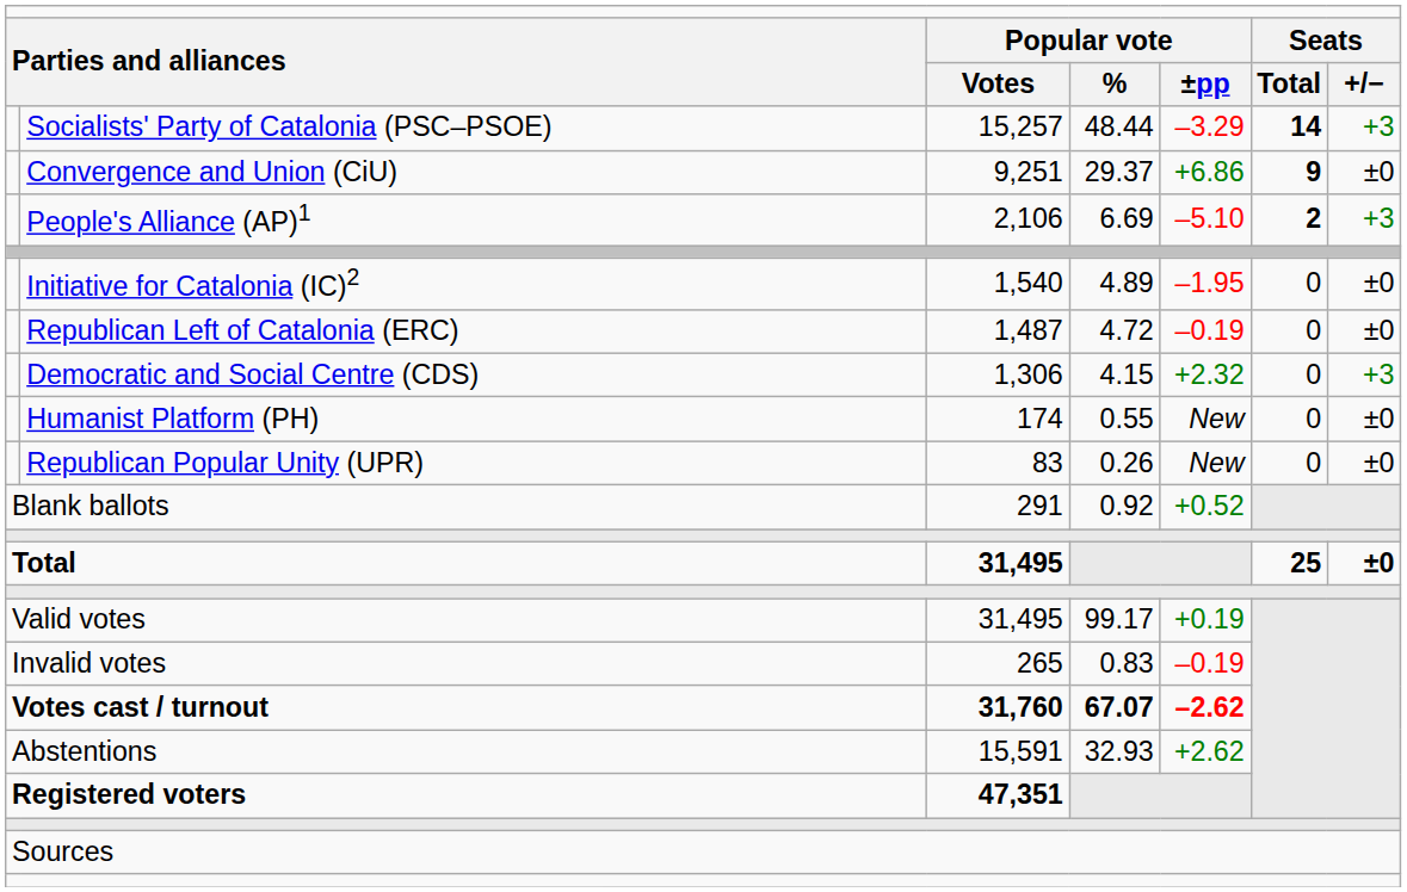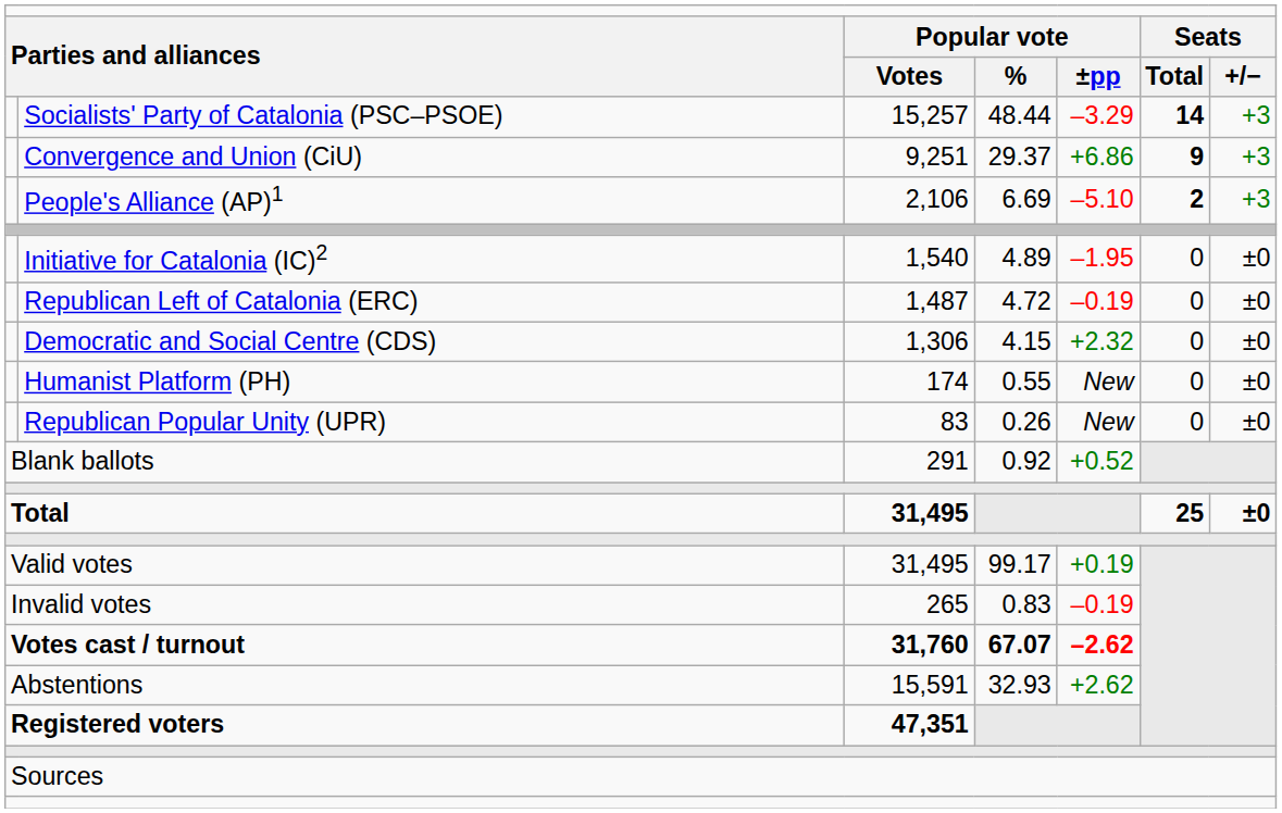 <table class="wikitable" style="text-align:right;">
 <tr>
 <td colspan="7"></td>
 </tr>
 <tr>
 <th style="text-align:left;" rowspan="2" colspan="2" width="525">Parties and alliances</th>
 <th colspan="3">Popular vote</th>
 <th colspan="2">Seats</th>
 </tr>
 <tr>
 <th width="75">Votes</th>
 <th width="45">%</th>
 <th width="45">±<a href='#'>pp</a></th>
 <th width="35">Total</th>
 <th width="35">+/−</th>
 </tr>
 <tr>
 <td width="1" style="color:inherit;background:"></td>
 <td align="left"><a href='#'>Socialists' Party of Catalonia</a> (PSC–PSOE)</td>
 <td>15,257</td>
 <td>48.44</td>
 <td style="color:red;">–3.29</td>
 <td><strong>14</strong></td>
 <td style="color:green;">+3</td>
 </tr>
 <tr>
 <td style="color:inherit;background:"></td>
 <td align="left"><a href='#'>Convergence and Union</a> (CiU)</td>
 <td>9,251</td>
 <td>29.37</td>
 <td style="color:green;">+6.86</td>
 <td><strong>9</strong></td>
-<td>±0</td>
+<td style="color:green;">+3</td>
 </tr>
 <tr>
 <td style="color:inherit;background:"></td>
 <td align="left"><a href='#'>People's Alliance</a> (AP)<sup>1</sup></td>
 <td>2,106</td>
 <td>6.69</td>
 <td style="color:red;">–5.10</td>
 <td><strong>2</strong></td>
 <td style="color:green;">+3</td>
 </tr>
 <tr>
 <td colspan="7" style="color:inherit;background:#C0C0C0"></td>
 </tr>
 <tr>
 <td style="color:inherit;background:"></td>
 <td align="left"><a href='#'>Initiative for Catalonia</a> (IC)<sup>2</sup></td>
 <td>1,540</td>
 <td>4.89</td>
 <td style="color:red;">–1.95</td>
 <td>0</td>
 <td>±0</td>
 </tr>
 <tr>
 <td style="color:inherit;background:"></td>
 <td align="left"><a href='#'>Republican Left of Catalonia</a> (ERC)</td>
 <td>1,487</td>
 <td>4.72</td>
 <td style="color:red;">–0.19</td>
 <td>0</td>
 <td>±0</td>
 </tr>
 <tr>
 <td style="color:inherit;background:"></td>
 <td align="left"><a href='#'>Democratic and Social Centre</a> (CDS)</td>
 <td>1,306</td>
 <td>4.15</td>
 <td style="color:green;">+2.32</td>
 <td>0</td>
-<td style="color:green;">+3</td>
+<td>±0</td>
 </tr>
 <tr>
 <td style="color:inherit;background:"></td>
 <td align="left"><a href='#'>Humanist Platform</a> (PH)</td>
 <td>174</td>
 <td>0.55</td>
 <td><em>New</em></td>
 <td>0</td>
 <td>±0</td>
 </tr>
 <tr>
 <td style="color:inherit;background:"></td>
 <td align="left"><a href='#'>Republican Popular Unity</a> (UPR)</td>
 <td>83</td>
 <td>0.26</td>
 <td><em>New</em></td>
 <td>0</td>
 <td>±0</td>
 </tr>
 <tr>
 <td align="left" colspan="2">Blank ballots</td>
 <td>291</td>
 <td>0.92</td>
 <td style="color:green;">+0.52</td>
 <td style="color:inherit;background:#E9E9E9" colspan="2"></td>
 </tr>
 <tr>
 <td colspan="7" style="color:inherit;background:#E9E9E9"></td>
 </tr>
 <tr style="font-weight:bold;">
 <td align="left" colspan="2">Total</td>
 <td>31,495</td>
 <td bgcolor="#E9E9E9" colspan="2"></td>
 <td>25</td>
 <td>±0</td>
 </tr>
 <tr>
 <td colspan="7" style="color:inherit;background:#E9E9E9"></td>
 </tr>
 <tr>
 <td align="left" colspan="2">Valid votes</td>
 <td>31,495</td>
 <td>99.17</td>
 <td style="color:green;">+0.19</td>
 <td bgcolor="#E9E9E9" colspan="2" rowspan="5"></td>
 </tr>
 <tr>
 <td align="left" colspan="2">Invalid votes</td>
 <td>265</td>
 <td>0.83</td>
 <td style="color:red;">–0.19</td>
 </tr>
 <tr style="font-weight:bold;">
 <td align="left" colspan="2">Votes cast / turnout</td>
 <td>31,760</td>
 <td>67.07</td>
 <td style="color:red;">–2.62</td>
 </tr>
 <tr>
 <td align="left" colspan="2">Abstentions</td>
 <td>15,591</td>
 <td>32.93</td>
 <td style="color:green;">+2.62</td>
 </tr>
 <tr style="font-weight:bold;">
 <td align="left" colspan="2">Registered voters</td>
 <td>47,351</td>
 <td bgcolor="#E9E9E9" colspan="2"></td>
 </tr>
 <tr>
 <td colspan="7" style="color:inherit;background:#E9E9E9"></td>
 </tr>
 <tr>
 <td align="left" colspan="7">Sources</td>
 </tr>
 <tr>
 <td colspan="7" style="text-align:left; max-width:790px;"></td>
 </tr>
 </table>
